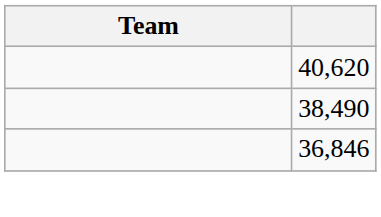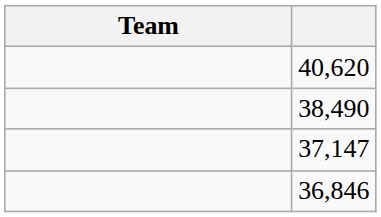 <table class="wikitable" style="display:inline-table;">
 <tr>
 <th width=170>Team</th>
 <th></th>
 </tr>
 <tr>
 <td></td>
 <td align=right>40,620</td>
 </tr>
 <tr>
 <td></td>
 <td align=right>38,490</td>
 </tr>
 <tr>
 <td></td>
+<td align=right>37,147</td>
+</tr>
+<tr>
+<td></td>
 <td align=right>36,846</td>
 </tr>
 </table>
